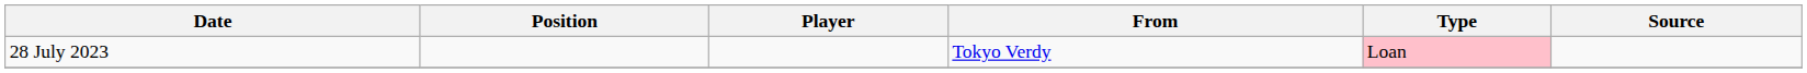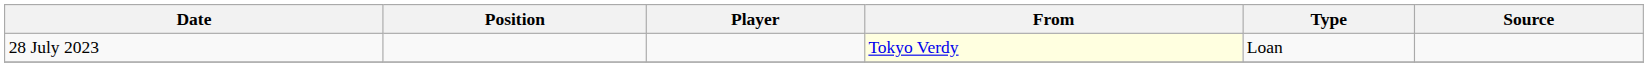 <table class="wikitable sortable" style="width:90%; text-align:center; font-size:95%; text-align:left;">
 <tr>
 <th>Date</th>
 <th>Position</th>
 <th>Player</th>
 <th>From</th>
 <th>Type</th>
 <th>Source</th>
 </tr>
 <tr>
 <td>28 July 2023</td>
 <td></td>
 <td></td>
-<td> <a href='#'>Tokyo Verdy</a></td>
-<td style="background: pink;">Loan</td>
+<td style="background: lightyellow;"> <a href='#'>Tokyo Verdy</a></td>
+<td>Loan</td>
 <td></td>
 </tr>
 <tr>
 </tr>
 </table>
